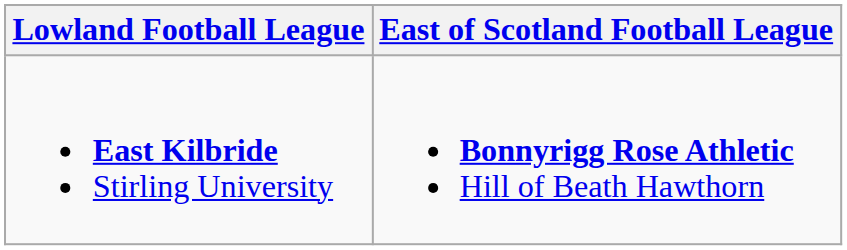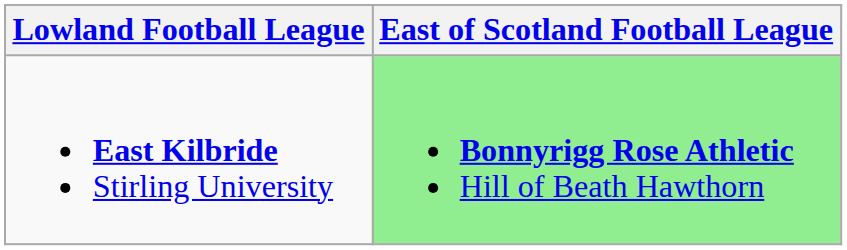 <table class="wikitable" style="text-align:left">
 <tr>
 <th><a href='#'>Lowland Football League</a></th>
 <th><a href='#'>East of Scotland Football League</a></th>
 </tr>
 <tr>
 <td valign=top><br><ul><li><strong><a href='#'>East Kilbride</a></strong></li><li><a href='#'>Stirling University</a></li></ul></td>
-<td valign=top><br><ul><li><strong><a href='#'>Bonnyrigg Rose Athletic</a></strong></li><li><a href='#'>Hill of Beath Hawthorn</a></li></ul></td>
+<td valign=top style="background: lightgreen;"><br><ul><li><strong><a href='#'>Bonnyrigg Rose Athletic</a></strong></li><li><a href='#'>Hill of Beath Hawthorn</a></li></ul></td>
 </tr>
 </table>
